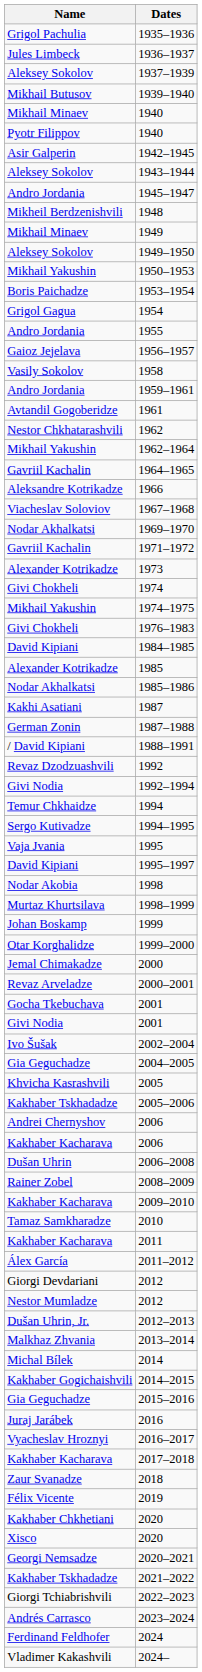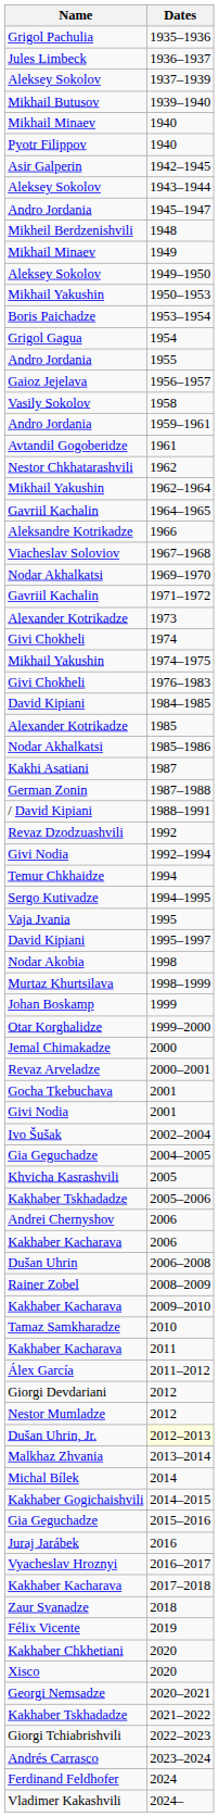 <table class="wikitable">
 <tr>
 <th>Name</th>
 <th>Dates</th>
 </tr>
 <tr>
 <td> <a href='#'>Grigol Pachulia</a></td>
 <td>1935–1936</td>
 </tr>
 <tr>
 <td> <a href='#'>Jules Limbeck</a></td>
 <td>1936–1937</td>
 </tr>
 <tr>
 <td> <a href='#'>Aleksey Sokolov</a></td>
 <td>1937–1939</td>
 </tr>
 <tr>
 <td> <a href='#'>Mikhail Butusov</a></td>
 <td>1939–1940</td>
 </tr>
 <tr>
 <td> <a href='#'>Mikhail Minaev</a></td>
 <td>1940</td>
 </tr>
 <tr>
 <td> <a href='#'>Pyotr Filippov</a></td>
 <td>1940</td>
 </tr>
 <tr>
 <td> <a href='#'>Asir Galperin</a></td>
 <td>1942–1945</td>
 </tr>
 <tr>
 <td> <a href='#'>Aleksey Sokolov</a></td>
 <td>1943–1944</td>
 </tr>
 <tr>
 <td> <a href='#'>Andro Jordania</a></td>
 <td>1945–1947</td>
 </tr>
 <tr>
 <td> <a href='#'>Mikheil Berdzenishvili</a></td>
 <td>1948</td>
 </tr>
 <tr>
 <td> <a href='#'>Mikhail Minaev</a></td>
 <td>1949</td>
 </tr>
 <tr>
 <td> <a href='#'>Aleksey Sokolov</a></td>
 <td>1949–1950</td>
 </tr>
 <tr>
 <td> <a href='#'>Mikhail Yakushin</a></td>
 <td>1950–1953</td>
 </tr>
 <tr>
 <td> <a href='#'>Boris Paichadze</a></td>
 <td>1953–1954</td>
 </tr>
 <tr>
 <td> <a href='#'>Grigol Gagua</a></td>
 <td>1954</td>
 </tr>
 <tr>
 <td> <a href='#'>Andro Jordania</a></td>
 <td>1955</td>
 </tr>
 <tr>
 <td> <a href='#'>Gaioz Jejelava</a></td>
 <td>1956–1957</td>
 </tr>
 <tr>
 <td> <a href='#'>Vasily Sokolov</a></td>
 <td>1958</td>
 </tr>
 <tr>
 <td> <a href='#'>Andro Jordania</a></td>
 <td>1959–1961</td>
 </tr>
 <tr>
 <td> <a href='#'>Avtandil Gogoberidze</a></td>
 <td>1961</td>
 </tr>
 <tr>
 <td> <a href='#'>Nestor Chkhatarashvili</a></td>
 <td>1962</td>
 </tr>
 <tr>
 <td> <a href='#'>Mikhail Yakushin</a></td>
 <td>1962–1964</td>
 </tr>
 <tr>
 <td> <a href='#'>Gavriil Kachalin</a></td>
 <td>1964–1965</td>
 </tr>
 <tr>
 <td> <a href='#'>Aleksandre Kotrikadze</a></td>
 <td>1966</td>
 </tr>
 <tr>
 <td> <a href='#'>Viacheslav Soloviov</a></td>
 <td>1967–1968</td>
 </tr>
 <tr>
 <td> <a href='#'>Nodar Akhalkatsi</a></td>
 <td>1969–1970</td>
 </tr>
 <tr>
 <td> <a href='#'>Gavriil Kachalin</a></td>
 <td>1971–1972</td>
 </tr>
 <tr>
 <td> <a href='#'>Alexander Kotrikadze</a></td>
 <td>1973</td>
 </tr>
 <tr>
 <td> <a href='#'>Givi Chokheli</a></td>
 <td>1974</td>
 </tr>
 <tr>
 <td> <a href='#'>Mikhail Yakushin</a></td>
 <td>1974–1975</td>
 </tr>
 <tr>
 <td> <a href='#'>Givi Chokheli</a></td>
 <td>1976–1983</td>
 </tr>
 <tr>
 <td> <a href='#'>David Kipiani</a></td>
 <td>1984–1985</td>
 </tr>
 <tr>
 <td> <a href='#'>Alexander Kotrikadze</a></td>
 <td>1985</td>
 </tr>
 <tr>
 <td> <a href='#'>Nodar Akhalkatsi</a></td>
 <td>1985–1986</td>
 </tr>
 <tr>
 <td> <a href='#'>Kakhi Asatiani</a></td>
 <td>1987</td>
 </tr>
 <tr>
 <td> <a href='#'>German Zonin</a></td>
 <td>1987–1988</td>
 </tr>
 <tr>
 <td>/ <a href='#'>David Kipiani</a></td>
 <td>1988–1991</td>
 </tr>
 <tr>
 <td> <a href='#'>Revaz Dzodzuashvili</a></td>
 <td>1992</td>
 </tr>
 <tr>
 <td> <a href='#'>Givi Nodia</a></td>
 <td>1992–1994</td>
 </tr>
 <tr>
 <td> <a href='#'>Temur Chkhaidze</a></td>
 <td>1994</td>
 </tr>
 <tr>
 <td> <a href='#'>Sergo Kutivadze</a></td>
 <td>1994–1995</td>
 </tr>
 <tr>
 <td> <a href='#'>Vaja Jvania</a></td>
 <td>1995</td>
 </tr>
 <tr>
 <td> <a href='#'>David Kipiani</a></td>
 <td>1995–1997</td>
 </tr>
 <tr>
 <td> <a href='#'>Nodar Akobia</a></td>
 <td>1998</td>
 </tr>
 <tr>
 <td> <a href='#'>Murtaz Khurtsilava</a></td>
 <td>1998–1999</td>
 </tr>
 <tr>
 <td> <a href='#'>Johan Boskamp</a></td>
 <td>1999</td>
 </tr>
 <tr>
 <td> <a href='#'>Otar Korghalidze</a></td>
 <td>1999–2000</td>
 </tr>
 <tr>
 <td> <a href='#'>Jemal Chimakadze</a></td>
 <td>2000</td>
 </tr>
 <tr>
 <td> <a href='#'>Revaz Arveladze</a></td>
 <td>2000–2001</td>
 </tr>
 <tr>
 <td> <a href='#'>Gocha Tkebuchava</a></td>
 <td>2001</td>
 </tr>
 <tr>
 <td> <a href='#'>Givi Nodia</a></td>
 <td>2001</td>
 </tr>
 <tr>
 <td> <a href='#'>Ivo Šušak</a></td>
 <td>2002–2004</td>
 </tr>
 <tr>
 <td> <a href='#'>Gia Geguchadze</a></td>
 <td>2004–2005</td>
 </tr>
 <tr>
 <td> <a href='#'>Khvicha Kasrashvili</a></td>
 <td>2005</td>
 </tr>
 <tr>
 <td> <a href='#'>Kakhaber Tskhadadze</a></td>
 <td>2005–2006</td>
 </tr>
 <tr>
 <td> <a href='#'>Andrei Chernyshov</a></td>
 <td>2006</td>
 </tr>
 <tr>
 <td> <a href='#'>Kakhaber Kacharava</a></td>
 <td>2006</td>
 </tr>
 <tr>
 <td> <a href='#'>Dušan Uhrin</a></td>
 <td>2006–2008</td>
 </tr>
 <tr>
 <td> <a href='#'>Rainer Zobel</a></td>
 <td>2008–2009</td>
 </tr>
 <tr>
 <td> <a href='#'>Kakhaber Kacharava</a></td>
 <td>2009–2010</td>
 </tr>
 <tr>
 <td> <a href='#'>Tamaz Samkharadze</a></td>
 <td>2010</td>
 </tr>
 <tr>
 <td> <a href='#'>Kakhaber Kacharava</a></td>
 <td>2011</td>
 </tr>
 <tr>
 <td> <a href='#'>Álex García</a></td>
 <td>2011–2012</td>
 </tr>
 <tr>
 <td> Giorgi Devdariani</td>
 <td>2012</td>
 </tr>
 <tr>
 <td> <a href='#'>Nestor Mumladze</a></td>
 <td>2012</td>
 </tr>
 <tr>
 <td> <a href='#'>Dušan Uhrin, Jr.</a></td>
-<td>2012–2013</td>
+<td style="background: lightyellow;">2012–2013</td>
 </tr>
 <tr>
 <td> <a href='#'>Malkhaz Zhvania</a></td>
 <td>2013–2014</td>
 </tr>
 <tr>
 <td> <a href='#'>Michal Bílek</a></td>
 <td>2014</td>
 </tr>
 <tr>
 <td> <a href='#'>Kakhaber Gogichaishvili</a></td>
 <td>2014–2015</td>
 </tr>
 <tr>
 <td> <a href='#'>Gia Geguchadze</a></td>
 <td>2015–2016</td>
 </tr>
 <tr>
 <td> <a href='#'>Juraj Jarábek</a></td>
 <td>2016</td>
 </tr>
 <tr>
 <td> <a href='#'>Vyacheslav Hroznyi</a></td>
 <td>2016–2017</td>
 </tr>
 <tr>
 <td> <a href='#'>Kakhaber Kacharava</a></td>
 <td>2017–2018</td>
 </tr>
 <tr>
 <td> <a href='#'>Zaur Svanadze</a></td>
 <td>2018</td>
 </tr>
 <tr>
 <td> <a href='#'>Félix Vicente</a></td>
 <td>2019</td>
 </tr>
 <tr>
 <td> <a href='#'>Kakhaber Chkhetiani</a></td>
 <td>2020</td>
 </tr>
 <tr>
 <td> <a href='#'>Xisco</a></td>
 <td>2020</td>
 </tr>
 <tr>
 <td> <a href='#'>Georgi Nemsadze</a></td>
 <td>2020–2021</td>
 </tr>
 <tr>
 <td> <a href='#'>Kakhaber Tskhadadze</a></td>
 <td>2021–2022</td>
 </tr>
 <tr>
 <td> Giorgi Tchiabrishvili</td>
 <td>2022–2023</td>
 </tr>
 <tr>
 <td> <a href='#'>Andrés Carrasco</a></td>
 <td>2023–2024</td>
 </tr>
 <tr>
 <td> <a href='#'>Ferdinand Feldhofer</a></td>
 <td>2024</td>
 </tr>
 <tr>
 <td> Vladimer Kakashvili</td>
 <td>2024–</td>
 </tr>
 </table>
